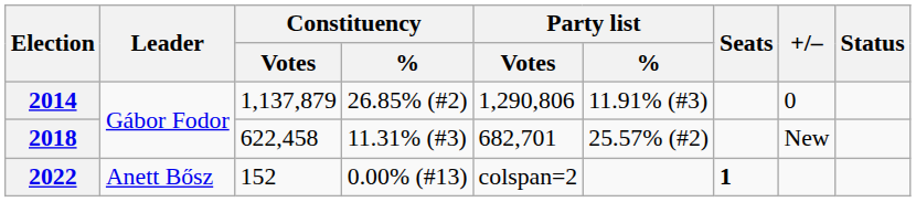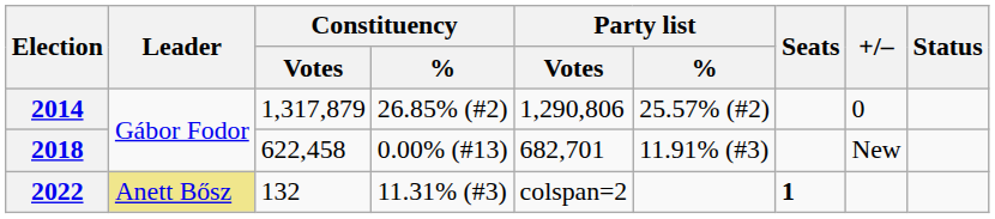 <table class="wikitable">
 <tr>
 <th rowspan=2>Election</th>
 <th rowspan=2>Leader</th>
 <th colspan=2>Constituency</th>
 <th colspan=2>Party list</th>
 <th rowspan=2>Seats</th>
 <th rowspan=2>+/–</th>
 <th rowspan=2>Status</th>
 </tr>
 <tr>
 <th>Votes</th>
 <th>%</th>
 <th>Votes</th>
 <th>%</th>
 </tr>
 <tr>
 <th><a href='#'>2014</a></th>
 <td rowspan=2><a href='#'>Gábor Fodor</a></td>
-<td>1,137,879</td>
+<td>1,317,879</td>
 <td>26.85% (#2)</td>
 <td>1,290,806</td>
-<td>11.91% (#3)</td>
+<td>25.57% (#2)</td>
 <td></td>
 <td> 0</td>
 <td></td>
 </tr>
 <tr>
 <th><a href='#'>2018</a></th>
 <td>622,458</td>
-<td>11.31% (#3)</td>
+<td>0.00% (#13)</td>
 <td>682,701</td>
-<td>25.57% (#2)</td>
+<td>11.91% (#3)</td>
 <td></td>
 <td>New</td>
 <td></td>
 </tr>
 <tr>
 <th><a href='#'>2022</a></th>
-<td><a href='#'>Anett Bősz</a></td>
-<td>152</td>
-<td>0.00% (#13)</td>
+<td style="background: khaki;"><a href='#'>Anett Bősz</a></td>
+<td>132</td>
+<td>11.31% (#3)</td>
 <td>colspan=2 </td>
 <td></td>
 <td><strong> 1</strong></td>
 <td></td>
 </tr>
 </table>
